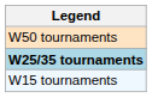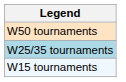 <table class="wikitable" style="font-size:85%;">
 <tr>
 <th>Legend</th>
 </tr>
 <tr style="background:#ffe4c4;">
 <td>W50 tournaments</td>
 </tr>
 <tr style="background:lightblue;">
-<td><strong>W25/35 tournaments</strong></td>
+<td>W25/35 tournaments</td>
 </tr>
 <tr style="background:#f0f8ff;">
 <td>W15 tournaments</td>
 </tr>
 </table>
